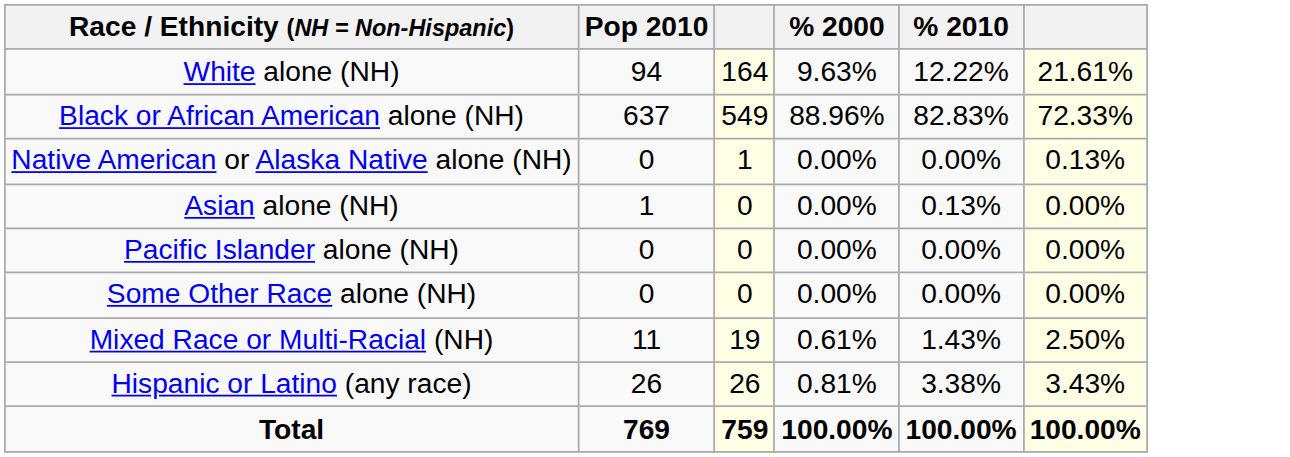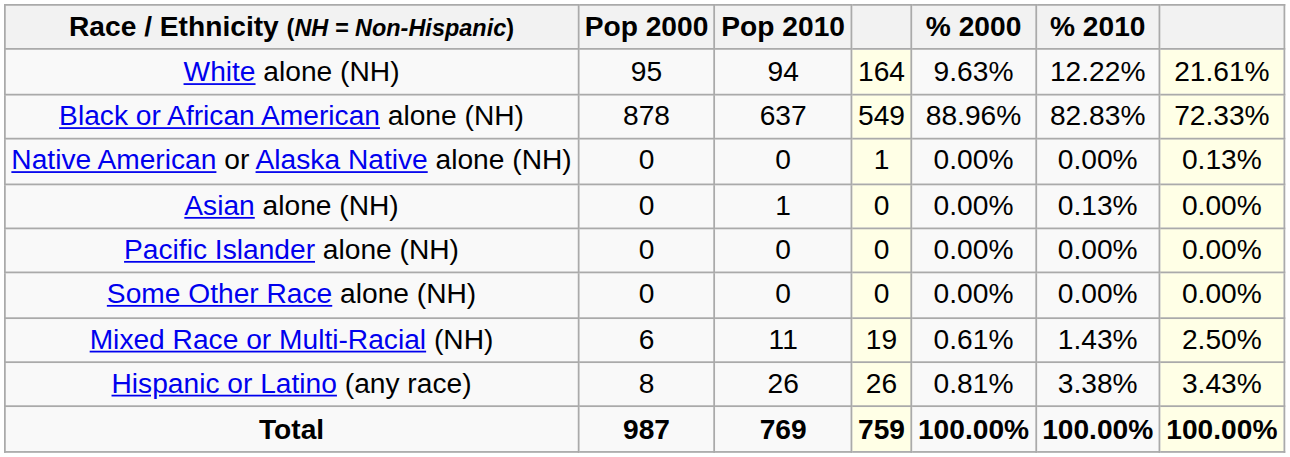 <table class="wikitable" style="text-align:center;">
 <tr>
 <th>Race / Ethnicity <small>(<em>NH = Non-Hispanic</em>)</small></th>
+<th>Pop 2000</th>
 <th>Pop 2010</th>
 <th></th>
 <th>% 2000</th>
 <th>% 2010</th>
 <th></th>
 </tr>
 <tr>
 <td><a href='#'>White</a> alone (NH)</td>
+<td>95</td>
 <td>94</td>
 <td style='background: #ffffe6;'>164</td>
 <td>9.63%</td>
 <td>12.22%</td>
 <td style='background: #ffffe6;'>21.61%</td>
 </tr>
 <tr>
 <td><a href='#'>Black or African American</a> alone (NH)</td>
+<td>878</td>
 <td>637</td>
 <td style='background: #ffffe6;'>549</td>
 <td>88.96%</td>
 <td>82.83%</td>
 <td style='background: #ffffe6;'>72.33%</td>
 </tr>
 <tr>
 <td><a href='#'>Native American</a> or <a href='#'>Alaska Native</a> alone (NH)</td>
 <td>0</td>
+<td>0</td>
 <td style='background: #ffffe6;'>1</td>
 <td>0.00%</td>
 <td>0.00%</td>
 <td style='background: #ffffe6;'>0.13%</td>
 </tr>
 <tr>
 <td><a href='#'>Asian</a> alone (NH)</td>
+<td>0</td>
 <td>1</td>
 <td style='background: #ffffe6;'>0</td>
 <td>0.00%</td>
 <td>0.13%</td>
 <td style='background: #ffffe6;'>0.00%</td>
 </tr>
 <tr>
 <td><a href='#'>Pacific Islander</a> alone (NH)</td>
 <td>0</td>
+<td>0</td>
 <td style='background: #ffffe6;'>0</td>
 <td>0.00%</td>
 <td>0.00%</td>
 <td style='background: #ffffe6;'>0.00%</td>
 </tr>
 <tr>
 <td><a href='#'>Some Other Race</a> alone (NH)</td>
 <td>0</td>
+<td>0</td>
 <td style='background: #ffffe6;'>0</td>
 <td>0.00%</td>
 <td>0.00%</td>
 <td style='background: #ffffe6;'>0.00%</td>
 </tr>
 <tr>
 <td><a href='#'>Mixed Race or Multi-Racial</a> (NH)</td>
+<td>6</td>
 <td>11</td>
 <td style='background: #ffffe6;'>19</td>
 <td>0.61%</td>
 <td>1.43%</td>
 <td style='background: #ffffe6;'>2.50%</td>
 </tr>
 <tr>
 <td><a href='#'>Hispanic or Latino</a> (any race)</td>
+<td>8</td>
 <td>26</td>
 <td style='background: #ffffe6;'>26</td>
 <td>0.81%</td>
 <td>3.38%</td>
 <td style='background: #ffffe6;'>3.43%</td>
 </tr>
 <tr>
 <td><strong>Total</strong></td>
+<td><strong>987</strong></td>
 <td><strong>769</strong></td>
 <td style='background: #ffffe6;'><strong>759</strong></td>
 <td><strong>100.00%</strong></td>
 <td><strong>100.00%</strong></td>
 <td style='background: #ffffe6;'><strong>100.00%</strong></td>
 </tr>
 </table>
